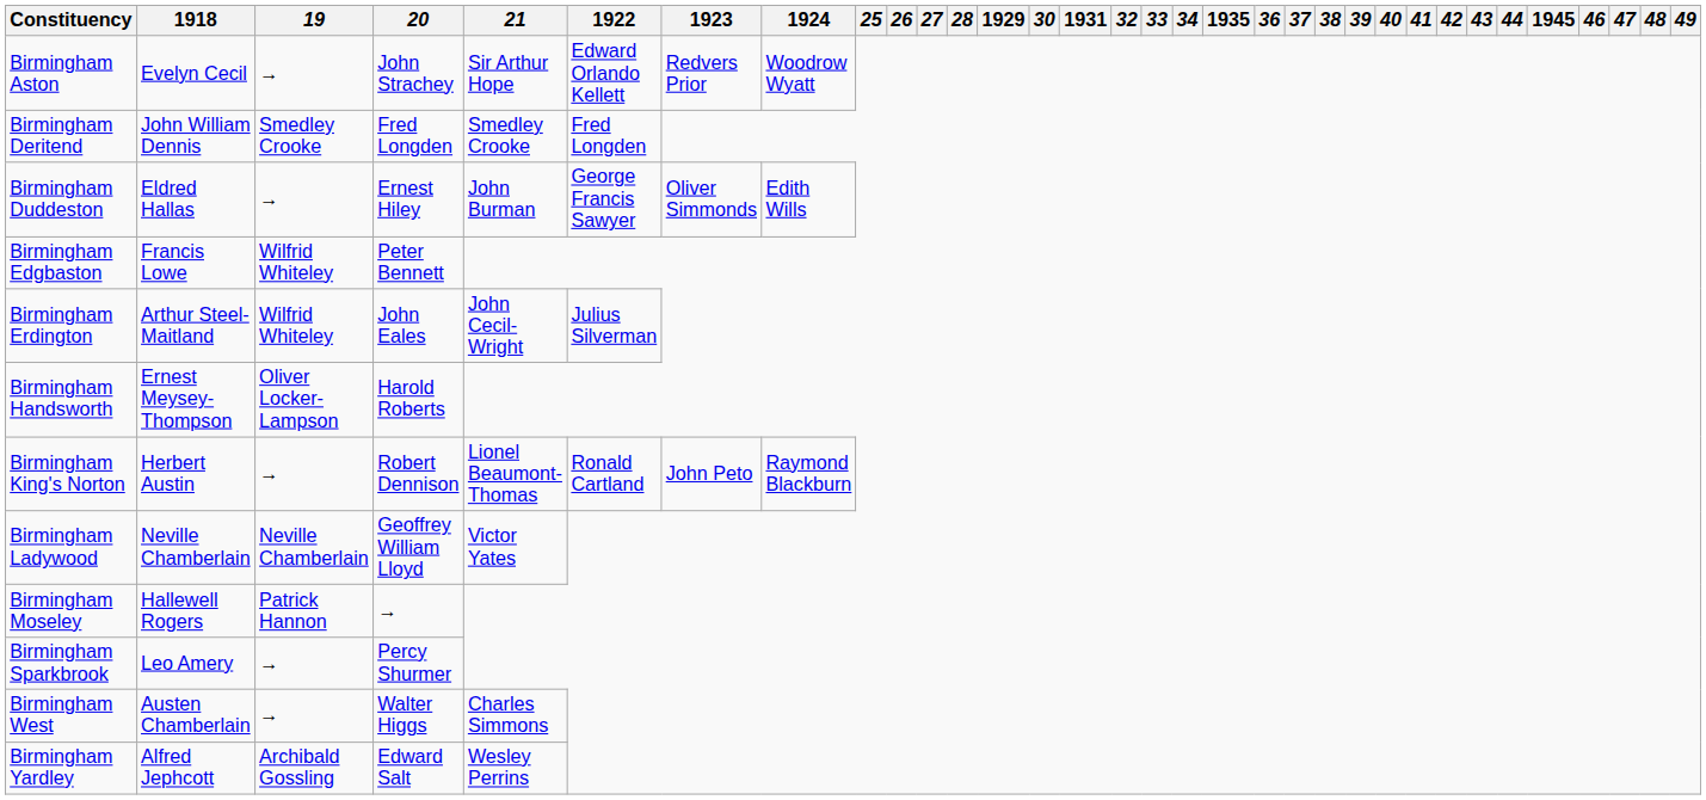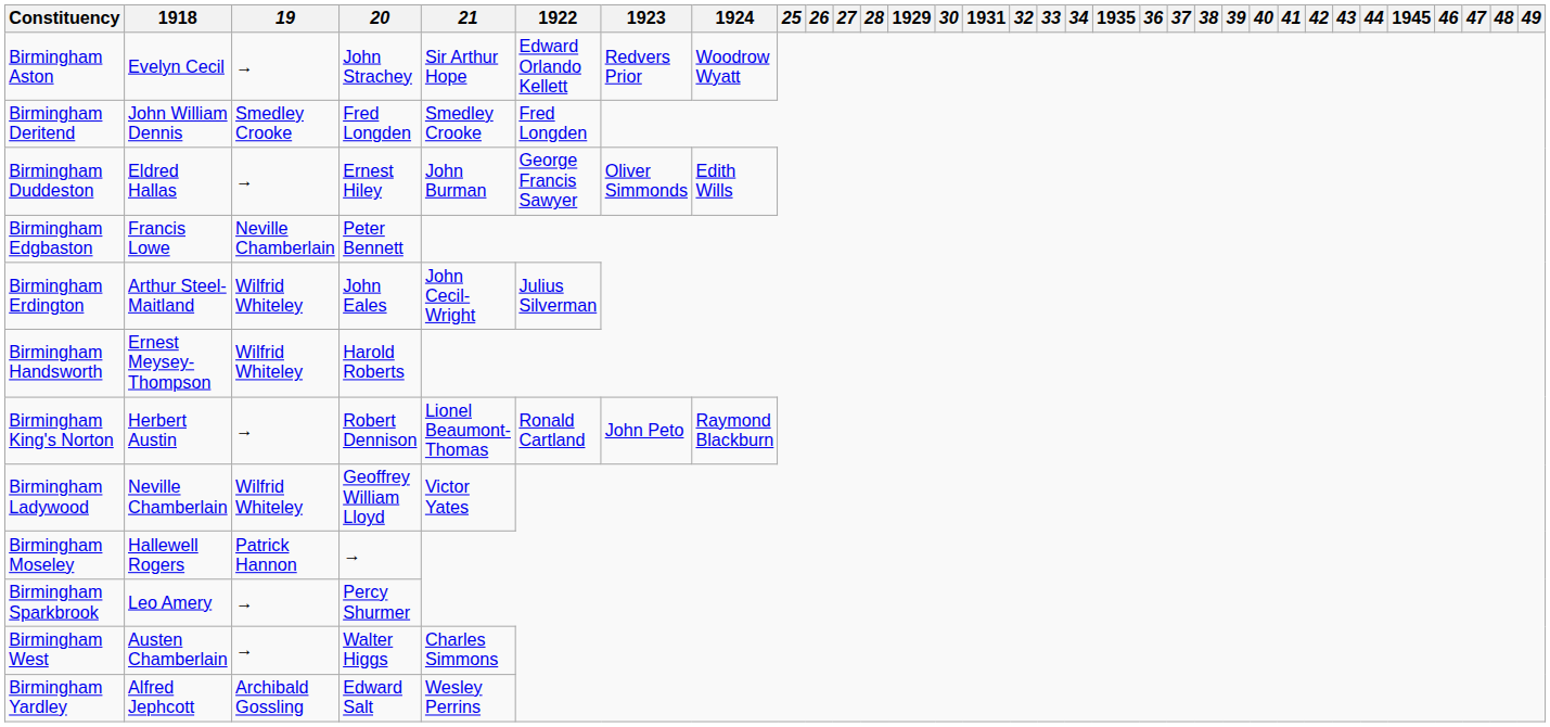 <table class="wikitable">
 <tr>
 <th>Constituency</th>
 <th>1918</th>
 <th><em>19</em></th>
 <th><em>20</em></th>
 <th><em>21</em></th>
 <th>1922</th>
 <th>1923</th>
 <th>1924</th>
 <th><em>25</em></th>
 <th><em>26</em></th>
 <th><em>27</em></th>
 <th><em>28</em></th>
 <th>1929</th>
 <th><em>30</em></th>
 <th>1931</th>
 <th><em>32</em></th>
 <th><em>33</em></th>
 <th><em>34</em></th>
 <th>1935</th>
 <th><em>36</em></th>
 <th><em>37</em></th>
 <th><em>38</em></th>
 <th><em>39</em></th>
 <th><em>40</em></th>
 <th><em>41</em></th>
 <th><em>42</em></th>
 <th><em>43</em></th>
 <th><em>44</em></th>
 <th>1945</th>
 <th><em>46</em></th>
 <th><em>47</em></th>
 <th><em>48</em></th>
 <th><em>49</em></th>
 </tr>
 <tr>
 <td><a href='#'>Birmingham Aston</a></td>
 <td><a href='#'>Evelyn Cecil</a></td>
 <td>→</td>
 <td><a href='#'>John Strachey</a></td>
 <td><a href='#'>Sir Arthur Hope</a></td>
 <td><a href='#'>Edward Orlando Kellett</a></td>
 <td><a href='#'>Redvers Prior</a></td>
 <td><a href='#'>Woodrow Wyatt</a></td>
 </tr>
 <tr>
 <td><a href='#'>Birmingham Deritend</a></td>
 <td><a href='#'>John William Dennis</a></td>
 <td><a href='#'>Smedley Crooke</a></td>
 <td><a href='#'>Fred Longden</a></td>
 <td><a href='#'>Smedley Crooke</a></td>
 <td><a href='#'>Fred Longden</a></td>
 </tr>
 <tr>
 <td><a href='#'>Birmingham Duddeston</a></td>
 <td><a href='#'>Eldred Hallas</a></td>
 <td>→</td>
 <td><a href='#'>Ernest Hiley</a></td>
 <td><a href='#'>John Burman</a></td>
 <td><a href='#'>George Francis Sawyer</a></td>
 <td><a href='#'>Oliver Simmonds</a></td>
 <td><a href='#'>Edith Wills</a></td>
 </tr>
 <tr>
 <td><a href='#'>Birmingham Edgbaston</a></td>
 <td><a href='#'>Francis Lowe</a></td>
-<td><a href='#'>Wilfrid Whiteley</a></td>
+<td><a href='#'>Neville Chamberlain</a></td>
 <td><a href='#'>Peter Bennett</a></td>
 </tr>
 <tr>
 <td><a href='#'>Birmingham Erdington</a></td>
 <td><a href='#'>Arthur Steel-Maitland</a></td>
 <td><a href='#'>Wilfrid Whiteley</a></td>
 <td><a href='#'>John Eales</a></td>
 <td><a href='#'>John Cecil-Wright</a></td>
 <td><a href='#'>Julius Silverman</a></td>
 </tr>
 <tr>
 <td><a href='#'>Birmingham Handsworth</a></td>
 <td><a href='#'>Ernest Meysey-Thompson</a></td>
-<td><a href='#'>Oliver Locker-Lampson</a></td>
+<td><a href='#'>Wilfrid Whiteley</a></td>
 <td><a href='#'>Harold Roberts</a></td>
 </tr>
 <tr>
 <td><a href='#'>Birmingham King's Norton</a></td>
 <td><a href='#'>Herbert Austin</a></td>
 <td>→</td>
 <td><a href='#'>Robert Dennison</a></td>
 <td><a href='#'>Lionel Beaumont-Thomas</a></td>
 <td><a href='#'>Ronald Cartland</a></td>
 <td><a href='#'>John Peto</a></td>
 <td><a href='#'>Raymond Blackburn</a></td>
 </tr>
 <tr>
 <td><a href='#'>Birmingham Ladywood</a></td>
 <td><a href='#'>Neville Chamberlain</a></td>
-<td><a href='#'>Neville Chamberlain</a></td>
+<td><a href='#'>Wilfrid Whiteley</a></td>
 <td><a href='#'>Geoffrey William Lloyd</a></td>
 <td><a href='#'>Victor Yates</a></td>
 </tr>
 <tr>
 <td><a href='#'>Birmingham Moseley</a></td>
 <td><a href='#'>Hallewell Rogers</a></td>
 <td><a href='#'>Patrick Hannon</a></td>
 <td>→</td>
 </tr>
 <tr>
 <td><a href='#'>Birmingham Sparkbrook</a></td>
 <td><a href='#'>Leo Amery</a></td>
 <td>→</td>
 <td><a href='#'>Percy Shurmer</a></td>
 </tr>
 <tr>
 <td><a href='#'>Birmingham West</a></td>
 <td><a href='#'>Austen Chamberlain</a></td>
 <td>→</td>
 <td><a href='#'>Walter Higgs</a></td>
 <td><a href='#'>Charles Simmons</a></td>
 </tr>
 <tr>
 <td><a href='#'>Birmingham Yardley</a></td>
 <td><a href='#'>Alfred Jephcott</a></td>
 <td><a href='#'>Archibald Gossling</a></td>
 <td><a href='#'>Edward Salt</a></td>
 <td><a href='#'>Wesley Perrins</a></td>
 </tr>
 </table>
